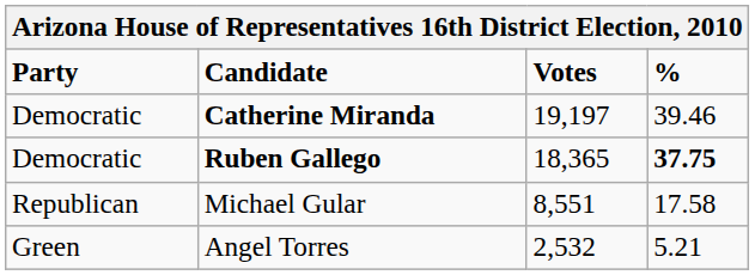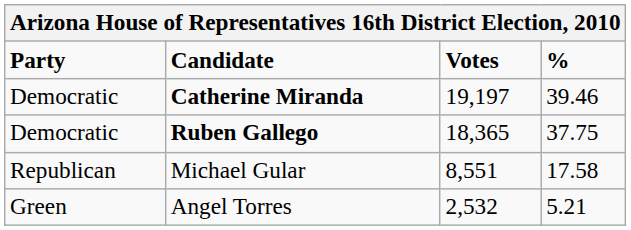 <table class="wikitable">
 <tr>
 <th colspan="4">Arizona House of Representatives 16th District Election, 2010</th>
 </tr>
 <tr>
 <td><strong>Party</strong></td>
 <td><strong>Candidate</strong></td>
 <td><strong>Votes</strong></td>
 <td><strong>%</strong></td>
 </tr>
 <tr>
 <td>Democratic</td>
 <td><strong>Catherine Miranda</strong></td>
 <td>19,197</td>
 <td>39.46</td>
 </tr>
 <tr>
 <td>Democratic</td>
 <td><strong>Ruben Gallego</strong></td>
 <td>18,365</td>
-<td><strong>37.75</strong></td>
+<td>37.75</td>
 </tr>
 <tr>
 <td>Republican</td>
 <td>Michael Gular</td>
 <td>8,551</td>
 <td>17.58</td>
 </tr>
 <tr>
 <td>Green</td>
 <td>Angel Torres</td>
 <td>2,532</td>
 <td>5.21</td>
 </tr>
 </table>
